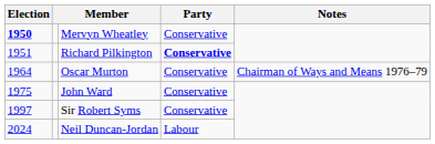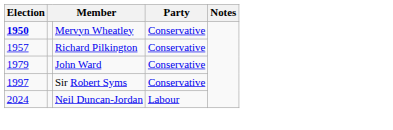 <table class="wikitable">
 <tr>
 <th>Election</th>
 <th colspan="2">Member</th>
 <th>Party</th>
 <th>Notes</th>
 </tr>
 <tr>
 <td><strong><a href='#'>1950</a></strong></td>
 <td style="color:inherit;background-color: "></td>
 <td><a href='#'>Mervyn Wheatley</a></td>
 <td><a href='#'>Conservative</a></td>
 </tr>
 <tr>
-<td><a href='#'>1951</a></td>
+<td><a href='#'>1957</a></td>
 <td style="color:inherit;background-color: "></td>
 <td><a href='#'>Richard Pilkington</a></td>
-<td><strong><a href='#'>Conservative</a></strong></td>
+<td><a href='#'>Conservative</a></td>
 </tr>
 <tr>
-<td><a href='#'>1964</a></td>
-<td style="color:inherit;background-color: "></td>
-<td><a href='#'>Oscar Murton</a></td>
-<td><a href='#'>Conservative</a></td>
-<td><a href='#'>Chairman of Ways and Means</a> 1976–79</td>
-</tr>
-<tr>
-<td><a href='#'>1975</a></td>
+<td><a href='#'>1979</a></td>
 <td style="color:inherit;background-color: "></td>
 <td><a href='#'>John Ward</a></td>
 <td><a href='#'>Conservative</a></td>
 </tr>
 <tr>
 <td><a href='#'>1997</a></td>
 <td style="color:inherit;background-color: "></td>
 <td>Sir <a href='#'>Robert Syms</a></td>
 <td><a href='#'>Conservative</a></td>
 </tr>
 <tr>
 <td><a href='#'>2024</a></td>
 <td style="color:inherit;background-color: "></td>
 <td><a href='#'>Neil Duncan-Jordan</a></td>
 <td><a href='#'>Labour</a></td>
 </tr>
 </table>
